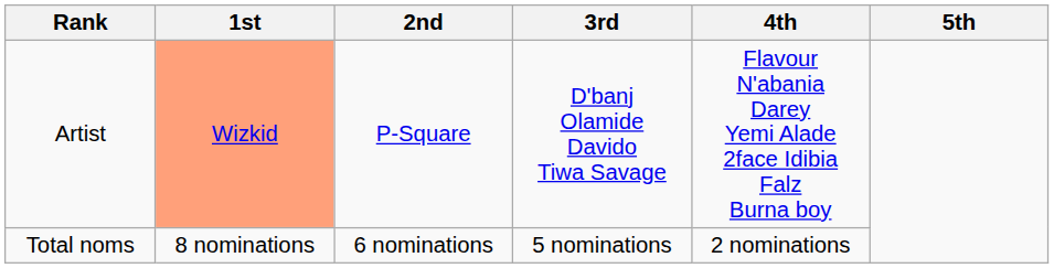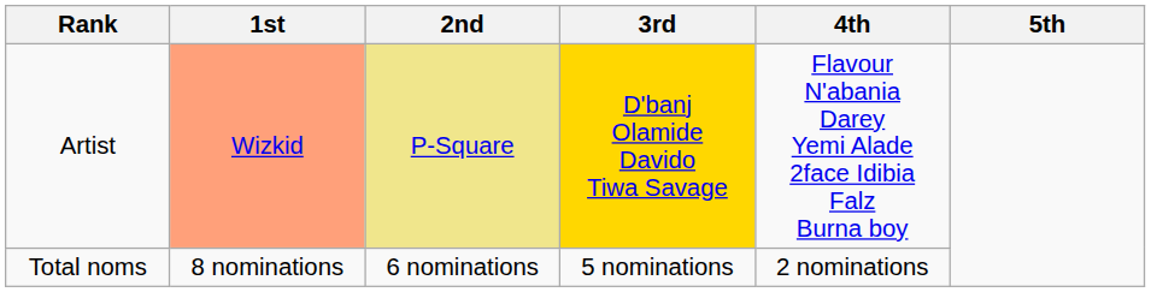 <table class="wikitable">
 <tr>
 <th style="width:100px;">Rank</th>
 <th style="width:120px;">1st</th>
 <th style="width:120px;">2nd</th>
 <th style="width:120px;">3rd</th>
 <th style="width:120px;">4th</th>
 <th style="width:120px;">5th</th>
 </tr>
 <tr align=center>
 <td>Artist</td>
 <td style="background: lightsalmon;"><a href='#'>Wizkid</a></td>
-<td><a href='#'>P-Square</a></td>
-<td><a href='#'>D'banj</a><br><a href='#'>Olamide</a><br><a href='#'>Davido</a><br><a href='#'>Tiwa Savage</a></td>
+<td style="background: khaki;"><a href='#'>P-Square</a></td>
+<td style="background: gold;"><a href='#'>D'banj</a><br><a href='#'>Olamide</a><br><a href='#'>Davido</a><br><a href='#'>Tiwa Savage</a></td>
 <td><a href='#'>Flavour N'abania</a><br><a href='#'>Darey</a><br><a href='#'>Yemi Alade</a><br><a href='#'>2face Idibia</a><br><a href='#'>Falz</a><br><a href='#'>Burna boy</a></td>
 </tr>
 <tr align=center>
 <td>Total noms</td>
 <td>8 nominations</td>
 <td>6 nominations</td>
 <td>5 nominations</td>
 <td>2 nominations</td>
 </tr>
 </table>
